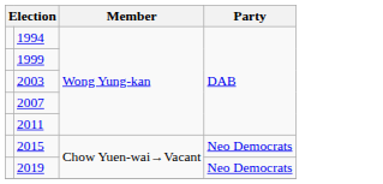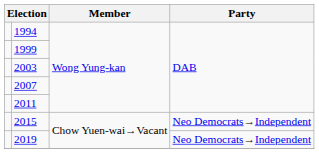 <table class="wikitable">
 <tr>
 <th colspan="2">Election</th>
 <th>Member</th>
 <th>Party</th>
 </tr>
 <tr>
 <td style="background-color: "></td>
 <td><a href='#'>1994</a></td>
 <td rowspan=5><a href='#'>Wong Yung-kan</a></td>
 <td rowspan=5><a href='#'>DAB</a></td>
 </tr>
 <tr>
 <td style="background-color: "></td>
 <td><a href='#'>1999</a></td>
 </tr>
 <tr>
 <td style="background-color: "></td>
 <td><a href='#'>2003</a></td>
 </tr>
 <tr>
 <td style="background-color: "></td>
 <td><a href='#'>2007</a></td>
 </tr>
 <tr>
 <td style="background-color: "></td>
 <td><a href='#'>2011</a></td>
 </tr>
 <tr>
 <td style="background-color: "></td>
 <td><a href='#'>2015</a></td>
 <td rowspan=2>Chow Yuen-wai→Vacant</td>
-<td><a href='#'>Neo Democrats</a></td>
+<td><a href='#'>Neo Democrats</a>→<a href='#'>Independent</a></td>
 </tr>
 <tr>
 <td style="background-color: "></td>
 <td><a href='#'>2019</a></td>
-<td><a href='#'>Neo Democrats</a></td>
+<td><a href='#'>Neo Democrats</a>→<a href='#'>Independent</a></td>
 </tr>
 <tr>
 </tr>
 </table>
